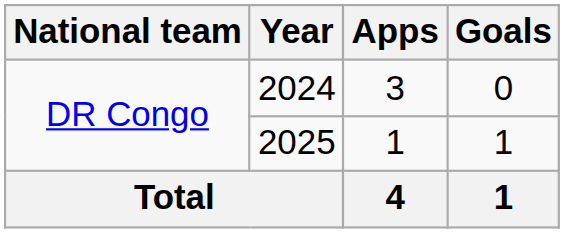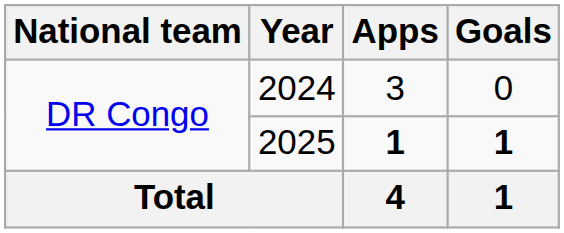 <table class=wikitable style=text-align:center>
 <tr>
 <th>National team</th>
 <th>Year</th>
 <th>Apps</th>
 <th>Goals</th>
 </tr>
 <tr>
 <td rowspan="2"><a href='#'>DR Congo</a></td>
 <td>2024</td>
 <td>3</td>
 <td>0</td>
 </tr>
 <tr>
 <td>2025</td>
-<td>1</td>
-<td>1</td>
+<td><strong>1</strong></td>
+<td><strong>1</strong></td>
 </tr>
 <tr>
 <th colspan="2">Total</th>
 <th>4</th>
 <th>1</th>
 </tr>
 </table>
